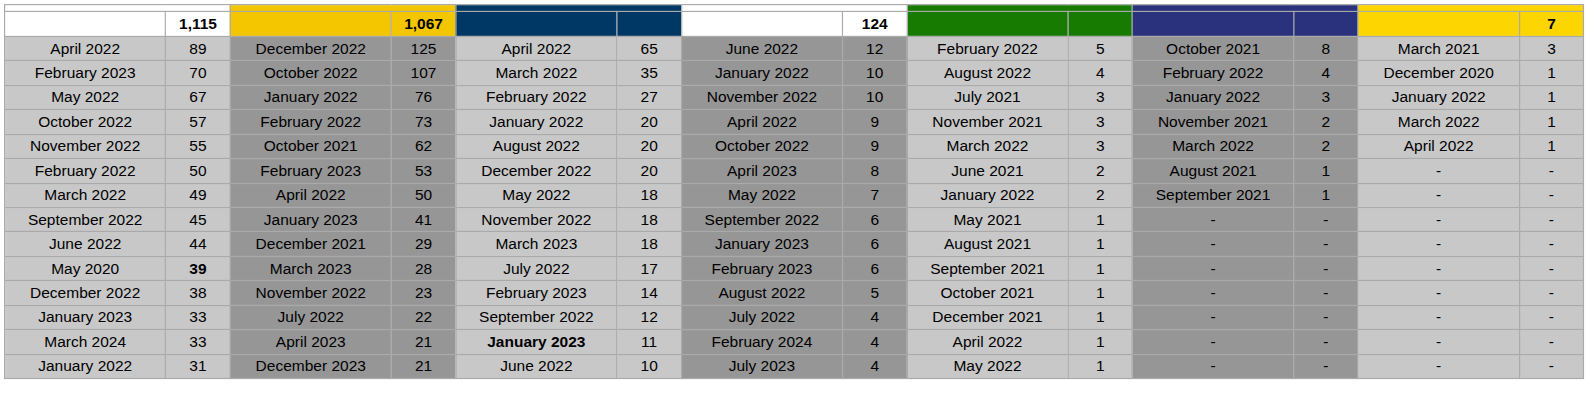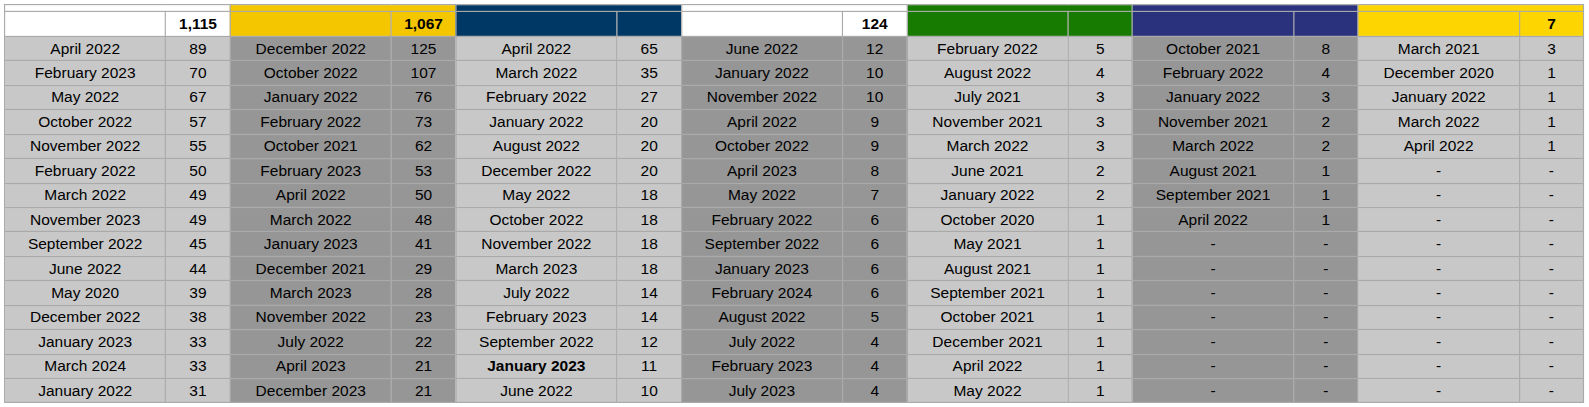 <table class="wikitable" style="text-align:center; text:#FFFFFF; font-size:85%">
 <tr>
 <th colspan="2" style="background:#FFFFFF"></th>
 <th colspan="2" style="background:#F4C600"></th>
 <th colspan="2" style="background:#003865"></th>
 <th colspan="2" style="background:#FFFFFF"></th>
 <th colspan="2" style="background:#187B01"></th>
 <th colspan="2" style="background:#2A317D"></th>
 <th colspan="2" style="background:#FDD500"></th>
 </tr>
 <tr>
 <th style="background:#FFFFFF"></th>
 <th style="background:#FFFFFF">1,115</th>
 <th style="background:#F4C600"></th>
 <th style="background:#F4C600">1,067</th>
 <th style="background:#003865"></th>
 <th style="background:#003865"></th>
 <th style="background:#FFFFFF"></th>
 <th style="background:#FFFFFF">124</th>
 <th style="background:#187B01"></th>
 <th style="background:#187B01"></th>
 <th style="background:#2A317D"></th>
 <th style="background:#2A317D"></th>
 <th style="background:#FDD500"></th>
 <th style="background:#FDD500">7</th>
 </tr>
 <tr>
 <td style="background:#C8C8C8" width="135">April 2022</td>
 <td style="background:#C8C8C8" width="50">89</td>
 <td style="background:#969696" width="135">December 2022</td>
 <td style="background:#969696" width="50">125</td>
 <td style="background:#C8C8C8" width="135">April 2022</td>
 <td style="background:#C8C8C8" width="50">65</td>
 <td style="background:#969696" width="135">June 2022</td>
 <td style="background:#969696" width="50">12</td>
 <td style="background:#C8C8C8" width="135">February 2022</td>
 <td style="background:#C8C8C8" width="50">5</td>
 <td style="background:#969696" width="135">October 2021</td>
 <td style="background:#969696" width="50">8</td>
 <td style="background:#C8C8C8" width="135">March 2021</td>
 <td style="background:#C8C8C8" width="50">3</td>
 </tr>
 <tr>
 <td style="background:#C8C8C8" width="135">February 2023</td>
 <td style="background:#C8C8C8" width="50">70</td>
 <td style="background:#969696" width="135">October 2022</td>
 <td style="background:#969696" width="50">107</td>
 <td style="background:#C8C8C8" width="135">March 2022</td>
 <td style="background:#C8C8C8" width="50">35</td>
 <td style="background:#969696" width="135">January 2022</td>
 <td style="background:#969696" width="50">10</td>
 <td style="background:#C8C8C8" width="135">August 2022</td>
 <td style="background:#C8C8C8" width="50">4</td>
 <td style="background:#969696" width="135">February 2022</td>
 <td style="background:#969696" width="50">4</td>
 <td style="background:#C8C8C8" width="135">December 2020</td>
 <td style="background:#C8C8C8" width="50">1</td>
 </tr>
 <tr>
 <td style="background:#C8C8C8" width="135">May 2022</td>
 <td style="background:#C8C8C8" width="50">67</td>
 <td style="background:#969696" width="135">January 2022</td>
 <td style="background:#969696" width="50">76</td>
 <td style="background:#C8C8C8" width="135">February 2022</td>
 <td style="background:#C8C8C8" width="50">27</td>
 <td style="background:#969696" width="135">November 2022</td>
 <td style="background:#969696" width="50">10</td>
 <td style="background:#C8C8C8" width="135">July 2021</td>
 <td style="background:#C8C8C8" width="50">3</td>
 <td style="background:#969696" width="135">January 2022</td>
 <td style="background:#969696" width="50">3</td>
 <td style="background:#C8C8C8" width="135">January 2022</td>
 <td style="background:#C8C8C8" width="50">1</td>
 </tr>
 <tr>
 <td style="background:#C8C8C8" width="135">October 2022</td>
 <td style="background:#C8C8C8" width="50">57</td>
 <td style="background:#969696" width="135">February 2022</td>
 <td style="background:#969696" width="50">73</td>
 <td style="background:#C8C8C8" width="135">January 2022</td>
 <td style="background:#C8C8C8" width="50">20</td>
 <td style="background:#969696" width="135">April 2022</td>
 <td style="background:#969696" width="50">9</td>
 <td style="background:#C8C8C8" width="135">November 2021</td>
 <td style="background:#C8C8C8" width="50">3</td>
 <td style="background:#969696" width="135">November 2021</td>
 <td style="background:#969696" width="50">2</td>
 <td style="background:#C8C8C8" width="135">March 2022</td>
 <td style="background:#C8C8C8" width="50">1</td>
 </tr>
 <tr>
 <td style="background:#C8C8C8" width="135">November 2022</td>
 <td style="background:#C8C8C8" width="50">55</td>
 <td style="background:#969696" width="135">October 2021</td>
 <td style="background:#969696" width="50">62</td>
 <td style="background:#C8C8C8" width="135">August 2022</td>
 <td style="background:#C8C8C8" width="50">20</td>
 <td style="background:#969696" width="135">October 2022</td>
 <td style="background:#969696" width="50">9</td>
 <td style="background:#C8C8C8" width="135">March 2022</td>
 <td style="background:#C8C8C8" width="50">3</td>
 <td style="background:#969696" width="135">March 2022</td>
 <td style="background:#969696" width="50">2</td>
 <td style="background:#C8C8C8" width="135">April 2022</td>
 <td style="background:#C8C8C8" width="50">1</td>
 </tr>
 <tr>
 <td style="background:#C8C8C8" width="135">February 2022</td>
 <td style="background:#C8C8C8" width="50">50</td>
 <td style="background:#969696" width="135">February 2023</td>
 <td style="background:#969696" width="50">53</td>
 <td style="background:#C8C8C8" width="135">December 2022</td>
 <td style="background:#C8C8C8" width="50">20</td>
 <td style="background:#969696" width="135">April 2023</td>
 <td style="background:#969696" width="50">8</td>
 <td style="background:#C8C8C8" width="135">June 2021</td>
 <td style="background:#C8C8C8" width="50">2</td>
 <td style="background:#969696" width="135">August 2021</td>
 <td style="background:#969696" width="50">1</td>
 <td style="background:#C8C8C8" width="135">-</td>
 <td style="background:#C8C8C8" width="50">-</td>
 </tr>
 <tr>
 <td style="background:#C8C8C8" width="135">March 2022</td>
 <td style="background:#C8C8C8" width="50">49</td>
 <td style="background:#969696" width="135">April 2022</td>
 <td style="background:#969696" width="50">50</td>
 <td style="background:#C8C8C8" width="135">May 2022</td>
 <td style="background:#C8C8C8" width="50">18</td>
 <td style="background:#969696" width="135">May 2022</td>
 <td style="background:#969696" width="50">7</td>
 <td style="background:#C8C8C8" width="135">January 2022</td>
 <td style="background:#C8C8C8" width="50">2</td>
 <td style="background:#969696" width="135">September 2021</td>
 <td style="background:#969696" width="50">1</td>
 <td style="background:#C8C8C8" width="135">-</td>
 <td style="background:#C8C8C8" width="50">-</td>
 </tr>
 <tr>
+<td style="background:#C8C8C8" width="135">November 2023</td>
+<td style="background:#C8C8C8" width="50">49</td>
+<td style="background:#969696" width="135">March 2022</td>
+<td style="background:#969696" width="50">48</td>
+<td style="background:#C8C8C8" width="135">October 2022</td>
+<td style="background:#C8C8C8" width="50">18</td>
+<td style="background:#969696" width="135">February 2022</td>
+<td style="background:#969696" width="50">6</td>
+<td style="background:#C8C8C8" width="135">October 2020</td>
+<td style="background:#C8C8C8" width="50">1</td>
+<td style="background:#969696" width="135">April 2022</td>
+<td style="background:#969696" width="50">1</td>
+<td style="background:#C8C8C8" width="135">-</td>
+<td style="background:#C8C8C8" width="50">-</td>
+</tr>
+<tr>
 <td style="background:#C8C8C8" width="135">September 2022</td>
 <td style="background:#C8C8C8" width="50">45</td>
 <td style="background:#969696" width="135">January 2023</td>
 <td style="background:#969696" width="50">41</td>
 <td style="background:#C8C8C8" width="135">November 2022</td>
 <td style="background:#C8C8C8" width="50">18</td>
 <td style="background:#969696" width="135">September 2022</td>
 <td style="background:#969696" width="50">6</td>
 <td style="background:#C8C8C8" width="135">May 2021</td>
 <td style="background:#C8C8C8" width="50">1</td>
 <td style="background:#969696" width="135">-</td>
 <td style="background:#969696" width="50">-</td>
 <td style="background:#C8C8C8" width="135">-</td>
 <td style="background:#C8C8C8" width="50">-</td>
 </tr>
 <tr>
 <td style="background:#C8C8C8" width="135">June 2022</td>
 <td style="background:#C8C8C8" width="50">44</td>
 <td style="background:#969696" width="135">December 2021</td>
 <td style="background:#969696" width="50">29</td>
 <td style="background:#C8C8C8" width="135">March 2023</td>
 <td style="background:#C8C8C8" width="50">18</td>
 <td style="background:#969696" width="135">January 2023</td>
 <td style="background:#969696" width="50">6</td>
 <td style="background:#C8C8C8" width="135">August 2021</td>
 <td style="background:#C8C8C8" width="50">1</td>
 <td style="background:#969696" width="135">-</td>
 <td style="background:#969696" width="50">-</td>
 <td style="background:#C8C8C8" width="135">-</td>
 <td style="background:#C8C8C8" width="50">-</td>
 </tr>
 <tr>
 <td style="background:#C8C8C8" width="135">May 2020</td>
-<td style="background:#C8C8C8" width="50"><strong>39</strong></td>
+<td style="background:#C8C8C8" width="50">39</td>
 <td style="background:#969696" width="135">March 2023</td>
 <td style="background:#969696" width="50">28</td>
 <td style="background:#C8C8C8" width="135">July 2022</td>
-<td style="background:#C8C8C8" width="50">17</td>
-<td style="background:#969696" width="135">February 2023</td>
+<td style="background:#C8C8C8" width="50">14</td>
+<td style="background:#969696" width="135">February 2024</td>
 <td style="background:#969696" width="50">6</td>
 <td style="background:#C8C8C8" width="135">September 2021</td>
 <td style="background:#C8C8C8" width="50">1</td>
 <td style="background:#969696" width="135">-</td>
 <td style="background:#969696" width="50">-</td>
 <td style="background:#C8C8C8" width="135">-</td>
 <td style="background:#C8C8C8" width="50">-</td>
 </tr>
 <tr>
 <td style="background:#C8C8C8" width="135">December 2022</td>
 <td style="background:#C8C8C8" width="50">38</td>
 <td style="background:#969696" width="135">November 2022</td>
 <td style="background:#969696" width="50">23</td>
 <td style="background:#C8C8C8" width="135">February 2023</td>
 <td style="background:#C8C8C8" width="50">14</td>
 <td style="background:#969696" width="135">August 2022</td>
 <td style="background:#969696" width="50">5</td>
 <td style="background:#C8C8C8" width="135">October 2021</td>
 <td style="background:#C8C8C8" width="50">1</td>
 <td style="background:#969696" width="135">-</td>
 <td style="background:#969696" width="50">-</td>
 <td style="background:#C8C8C8" width="135">-</td>
 <td style="background:#C8C8C8" width="50">-</td>
 </tr>
 <tr>
 <td style="background:#C8C8C8" width="135">January 2023</td>
 <td style="background:#C8C8C8" width="50">33</td>
 <td style="background:#969696" width="135">July 2022</td>
 <td style="background:#969696" width="50">22</td>
 <td style="background:#C8C8C8" width="135">September 2022</td>
 <td style="background:#C8C8C8" width="50">12</td>
 <td style="background:#969696" width="135">July 2022</td>
 <td style="background:#969696" width="50">4</td>
 <td style="background:#C8C8C8" width="135">December 2021</td>
 <td style="background:#C8C8C8" width="50">1</td>
 <td style="background:#969696" width="135">-</td>
 <td style="background:#969696" width="50">-</td>
 <td style="background:#C8C8C8" width="135">-</td>
 <td style="background:#C8C8C8" width="50">-</td>
 </tr>
 <tr>
 <td style="background:#C8C8C8" width="135">March 2024</td>
 <td style="background:#C8C8C8" width="50">33</td>
 <td style="background:#969696" width="135">April 2023</td>
 <td style="background:#969696" width="50">21</td>
 <td style="background:#C8C8C8" width="135"><strong>January 2023</strong></td>
 <td style="background:#C8C8C8" width="50">11</td>
-<td style="background:#969696" width="135">February 2024</td>
+<td style="background:#969696" width="135">February 2023</td>
 <td style="background:#969696" width="50">4</td>
 <td style="background:#C8C8C8" width="135">April 2022</td>
 <td style="background:#C8C8C8" width="50">1</td>
 <td style="background:#969696" width="135">-</td>
 <td style="background:#969696" width="50">-</td>
 <td style="background:#C8C8C8" width="135">-</td>
 <td style="background:#C8C8C8" width="50">-</td>
 </tr>
 <tr>
 <td style="background:#C8C8C8" width="135">January 2022</td>
 <td style="background:#C8C8C8" width="50">31</td>
 <td style="background:#969696" width="135">December 2023</td>
 <td style="background:#969696" width="50">21</td>
 <td style="background:#C8C8C8" width="135">June 2022</td>
 <td style="background:#C8C8C8" width="50">10</td>
 <td style="background:#969696" width="135">July 2023</td>
 <td style="background:#969696" width="50">4</td>
 <td style="background:#C8C8C8" width="135">May 2022</td>
 <td style="background:#C8C8C8" width="50">1</td>
 <td style="background:#969696" width="135">-</td>
 <td style="background:#969696" width="50">-</td>
 <td style="background:#C8C8C8" width="135">-</td>
 <td style="background:#C8C8C8" width="50">-</td>
 </tr>
 </table>
